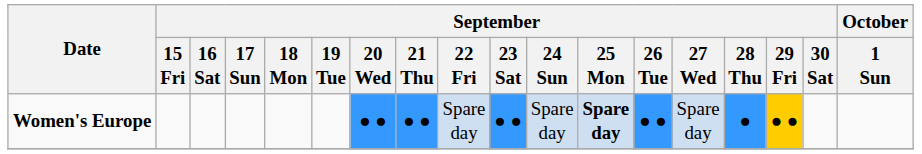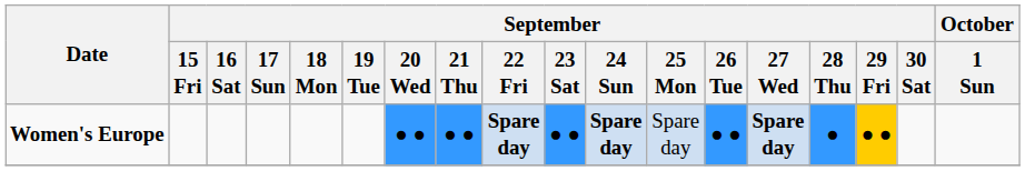 <table class="wikitable" style="margin:0.5em auto; font-size:90%; line-height:1.25em;">
 <tr>
 <th rowspan=2>Date</th>
 <th colspan=16>September</th>
 <th colspan=1>October</th>
 </tr>
 <tr>
 <th>15<br>Fri</th>
 <th>16<br>Sat</th>
 <th>17<br>Sun</th>
 <th>18<br>Mon</th>
 <th>19<br>Tue</th>
 <th>20<br>Wed</th>
 <th>21<br>Thu</th>
 <th>22<br>Fri</th>
 <th>23<br>Sat</th>
 <th>24<br>Sun</th>
 <th>25<br>Mon</th>
 <th>26<br>Tue</th>
 <th>27<br>Wed</th>
 <th>28<br>Thu</th>
 <th>29<br>Fri</th>
 <th>30<br>Sat</th>
 <th>1<br>Sun</th>
 </tr>
 <tr align="center">
 <td align="center"><strong>Women's Europe</strong></td>
 <td></td>
 <td></td>
 <td></td>
 <td></td>
 <td></td>
 <td bgcolor=#3399ff><span> ● ● </span></td>
 <td bgcolor=#3399ff><span> ● ● </span></td>
+<td bgcolor=#cedff2><strong>Spare<br>day</strong></td>
+<td bgcolor=#3399ff><span> ● ● </span></td>
+<td bgcolor=#cedff2><strong>Spare<br>day</strong></td>
 <td bgcolor=#cedff2>Spare<br>day</td>
 <td bgcolor=#3399ff><span> ● ● </span></td>
-<td bgcolor=#cedff2>Spare<br>day</td>
 <td bgcolor=#cedff2><strong>Spare<br>day</strong></td>
-<td bgcolor=#3399ff><span> ● ● </span></td>
-<td bgcolor=#cedff2>Spare<br>day</td>
 <td bgcolor=#3399ff><span> ● </span></td>
 <td bgcolor=#ffcc00><span> ● ● </span></td>
 <td></td>
 <td></td>
 </tr>
 <tr align="center">
 </tr>
 </table>
